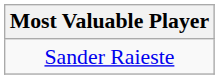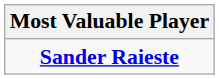 <table class=wikitable style="text-align:center">
 <tr>
 <th>Most Valuable Player</th>
 </tr>
 <tr>
-<td> <a href='#'>Sander Raieste</a></td>
+<td><strong> <a href='#'>Sander Raieste</a></strong></td>
 </tr>
 </table>
